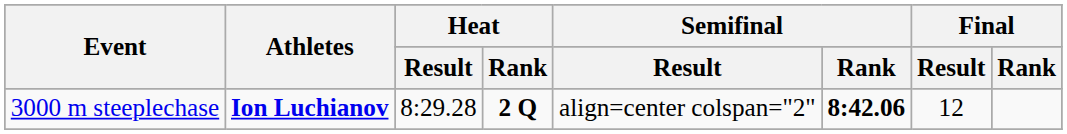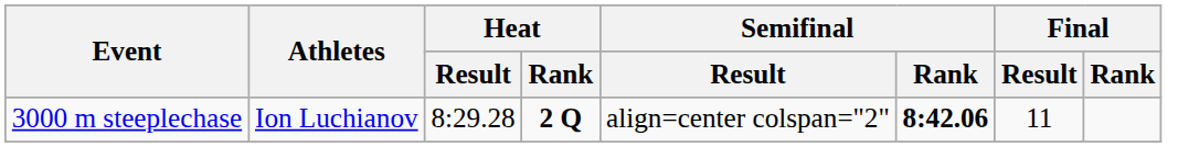 <table class="wikitable" border="1" style="font-size:90%">
 <tr>
 <th rowspan="2">Event</th>
 <th rowspan="2">Athletes</th>
 <th colspan="2">Heat</th>
 <th colspan="2">Semifinal</th>
 <th colspan="2">Final</th>
 </tr>
 <tr>
 <th>Result</th>
 <th>Rank</th>
 <th>Result</th>
 <th>Rank</th>
 <th>Result</th>
 <th>Rank</th>
 </tr>
 <tr>
 <td><a href='#'>3000 m steeplechase</a></td>
-<td><strong><a href='#'>Ion Luchianov</a></strong></td>
+<td><a href='#'>Ion Luchianov</a></td>
 <td align=center>8:29.28</td>
 <td align=center><strong>2 Q</strong></td>
 <td>align=center colspan="2" </td>
 <td align=center><strong>8:42.06</strong></td>
-<td align=center>12</td>
+<td align=center>11</td>
 </tr>
 </table>
